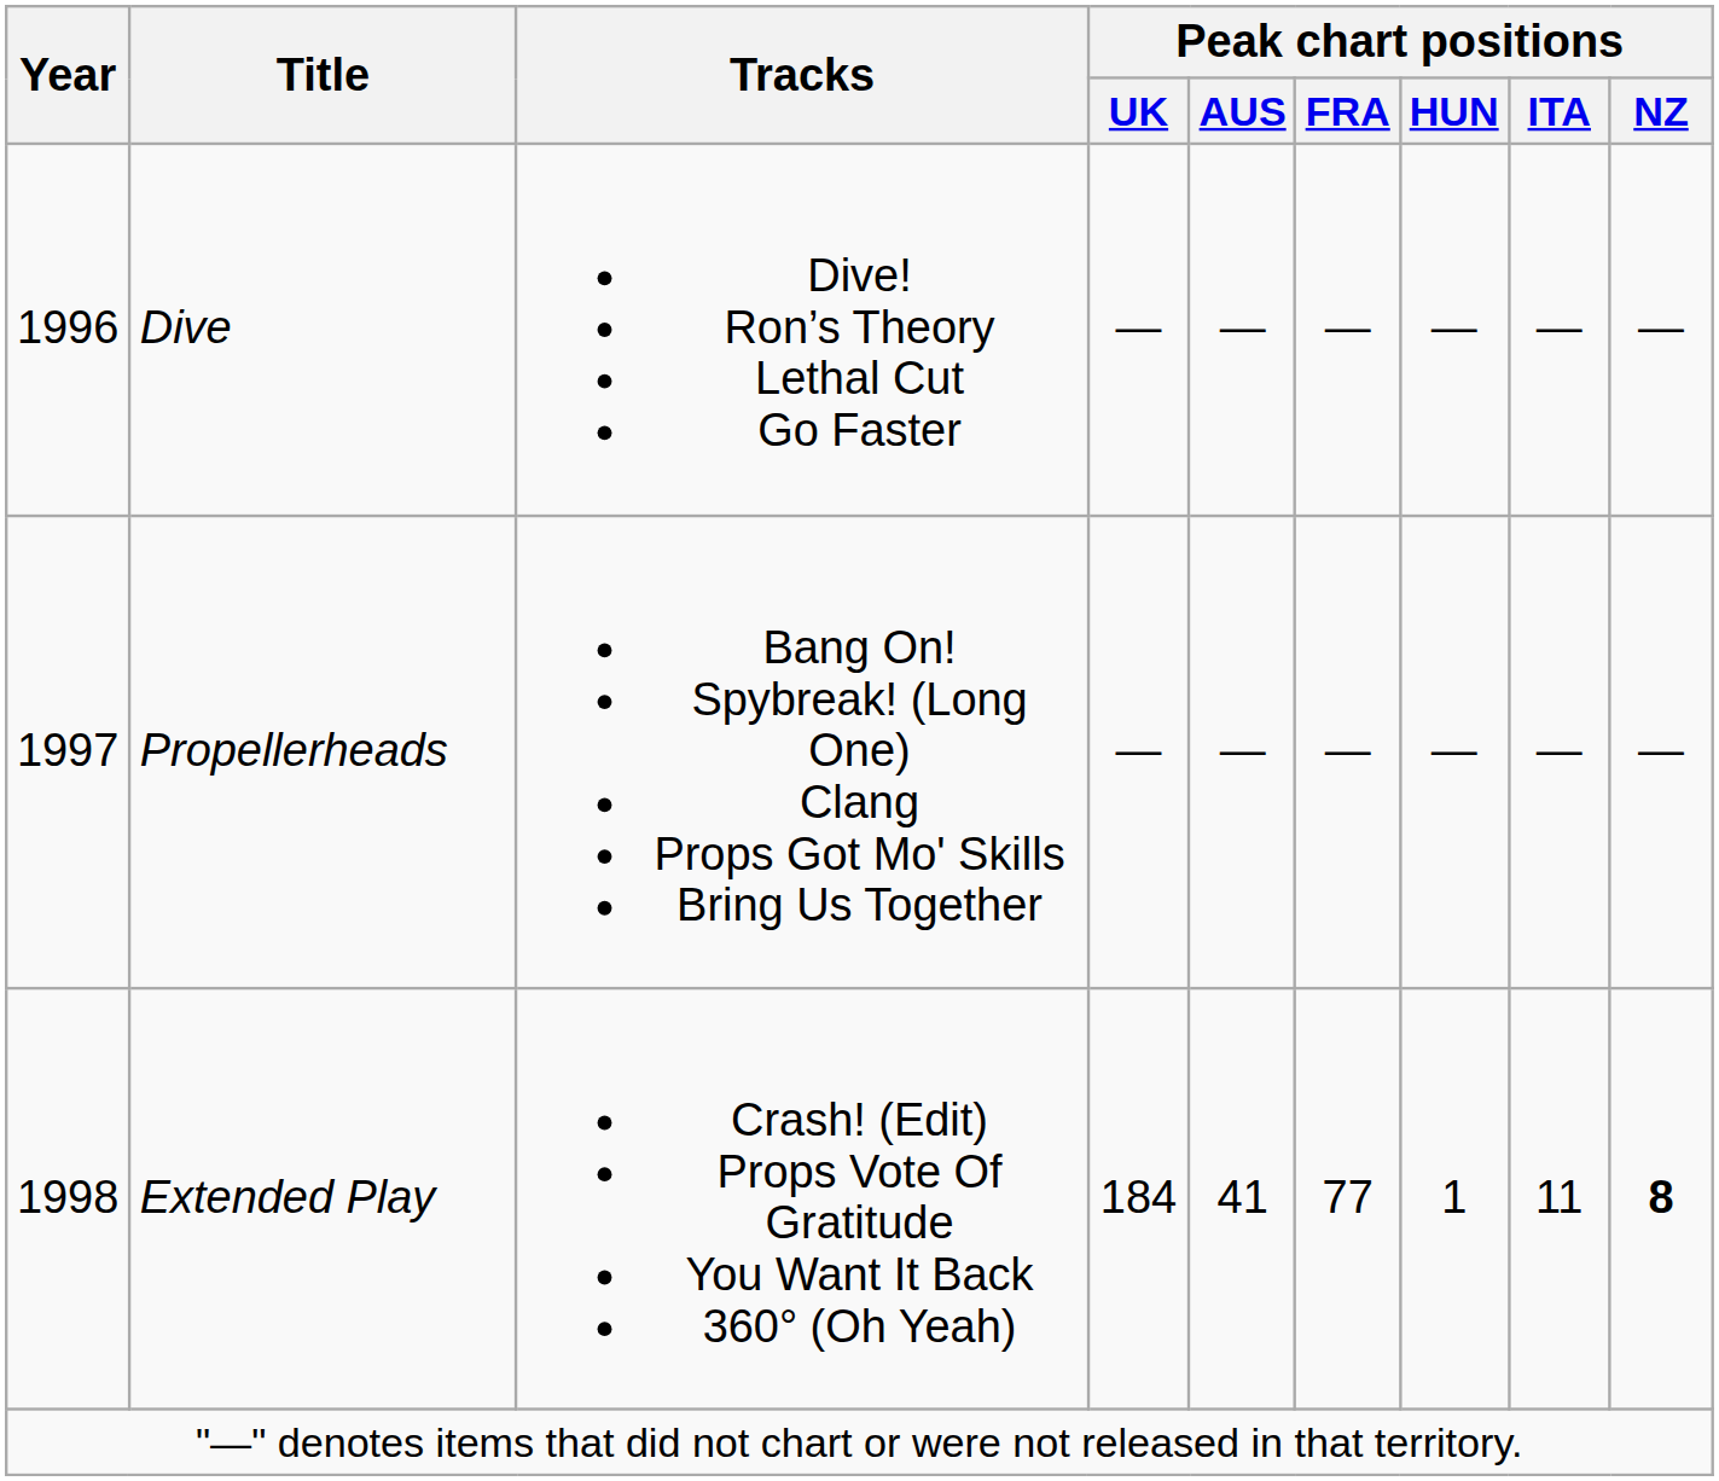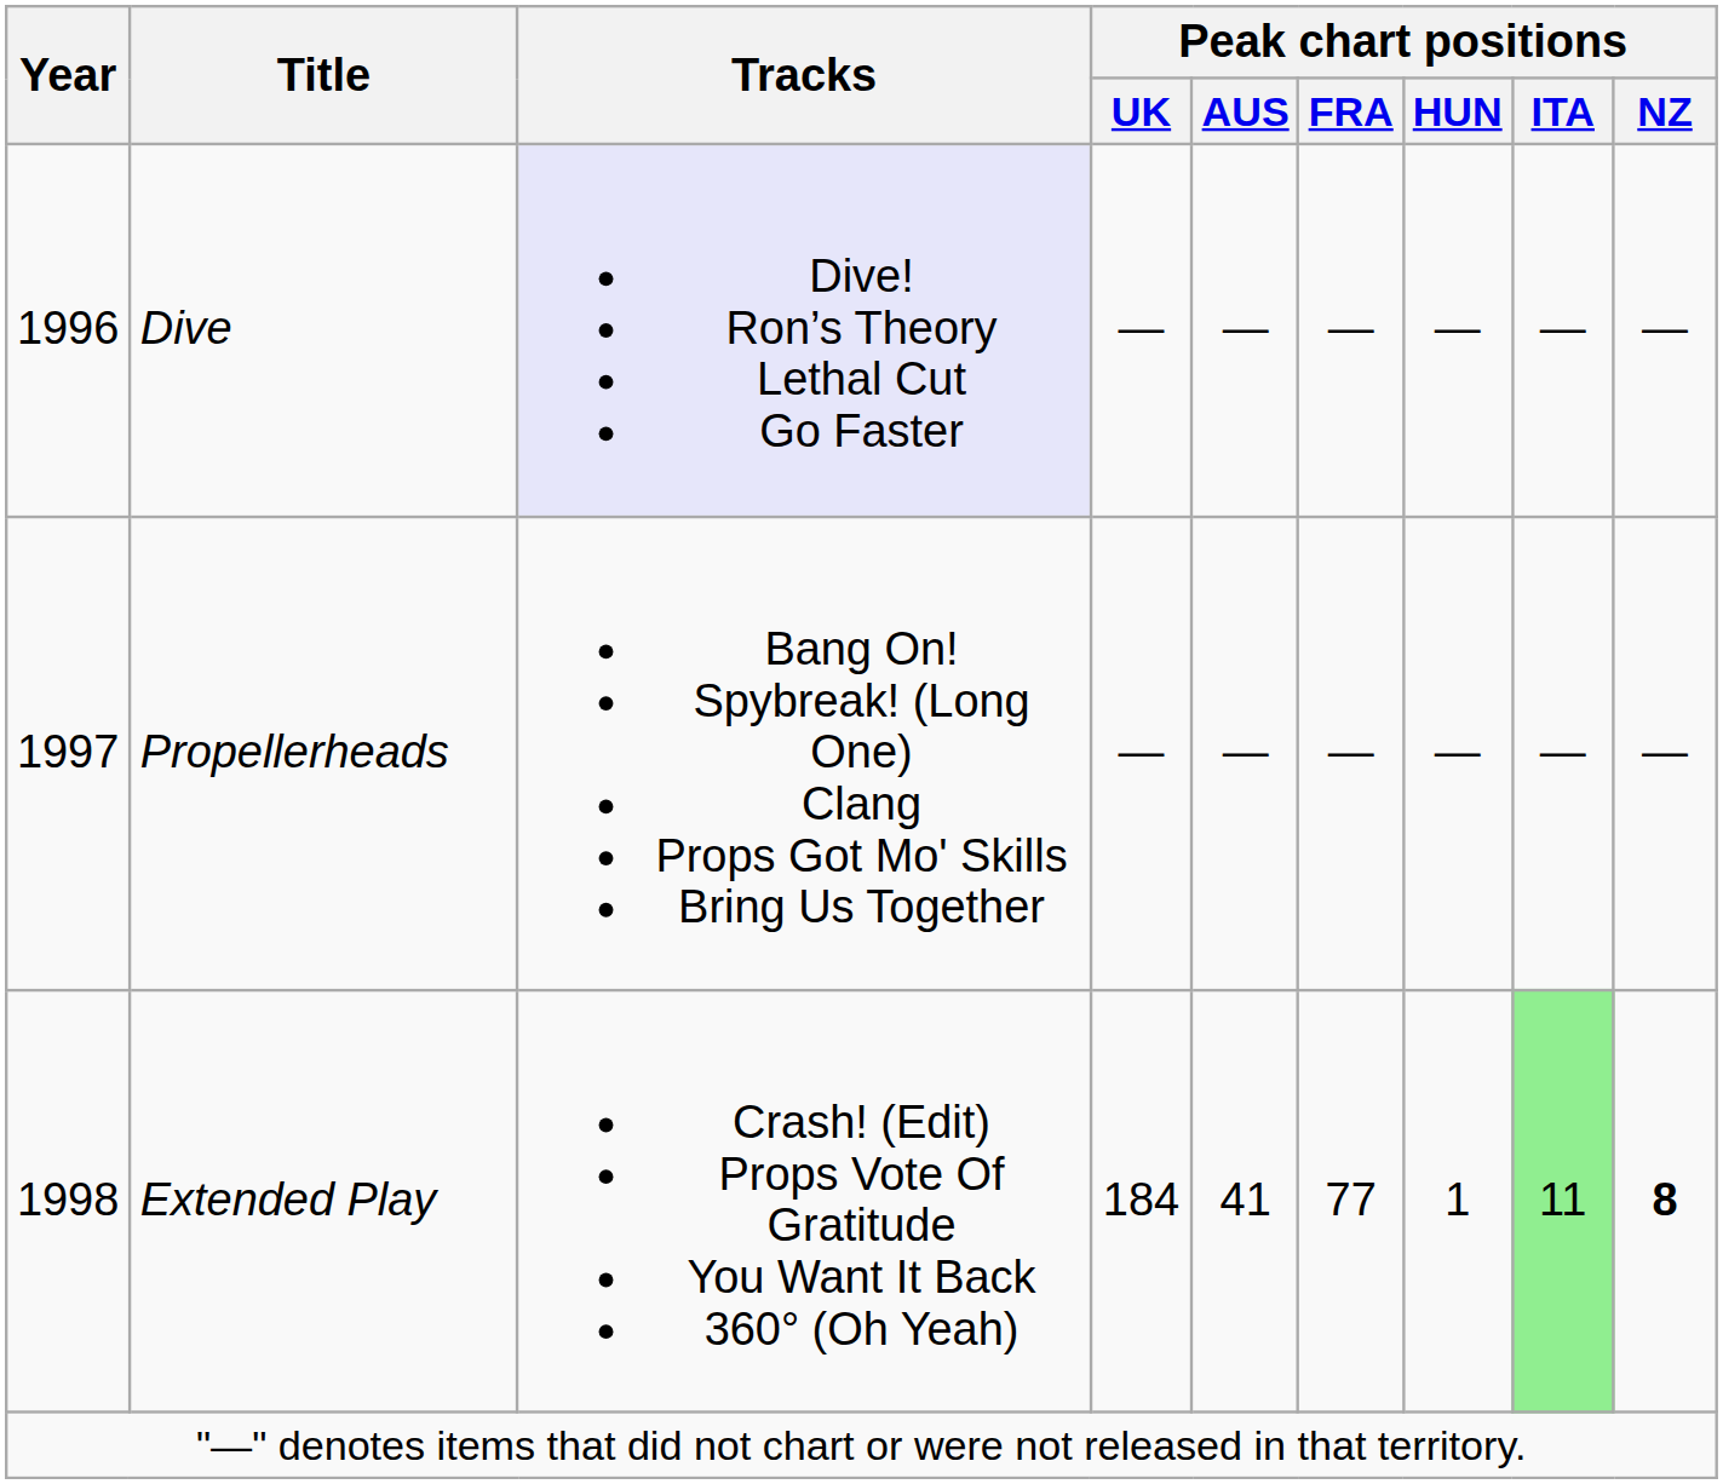 <table class="wikitable" style="text-align:center;">
 <tr>
 <th rowspan="2" style="width:2em;">Year</th>
 <th rowspan="2" style="width:8em;">Title</th>
 <th rowspan="2" style="width:12em;">Tracks</th>
 <th colspan="6">Peak chart positions</th>
 </tr>
 <tr>
 <th style="width:2em;font-size:90%;"><a href='#'>UK</a><br></th>
 <th style="width:2em;font-size:90%;"><a href='#'>AUS</a><br></th>
 <th style="width:2em;font-size:90%;"><a href='#'>FRA</a><br></th>
 <th style="width:2em;font-size:90%;"><a href='#'>HUN</a><br></th>
 <th style="width:2em;font-size:90%;"><a href='#'>ITA</a><br></th>
 <th style="width:2em;font-size:90%;"><a href='#'>NZ</a><br></th>
 </tr>
 <tr>
 <td>1996</td>
 <td style="text-align:left;"><em>Dive</em></td>
-<td><br><ul><li>Dive!</li><li>Ron’s Theory</li><li>Lethal Cut</li><li>Go Faster</li></ul></td>
+<td style="background: lavender;"><br><ul><li>Dive!</li><li>Ron’s Theory</li><li>Lethal Cut</li><li>Go Faster</li></ul></td>
 <td>—</td>
 <td>—</td>
 <td>—</td>
 <td>—</td>
 <td>—</td>
 <td>—</td>
 </tr>
 <tr>
 <td>1997</td>
 <td style="text-align:left;"><em>Propellerheads</em></td>
 <td><br><ul><li>Bang On!</li><li>Spybreak! (Long One)</li><li>Clang</li><li>Props Got Mo' Skills</li><li>Bring Us Together</li></ul></td>
 <td>—</td>
 <td>—</td>
 <td>—</td>
 <td>—</td>
 <td>—</td>
 <td>—</td>
 </tr>
 <tr>
 <td>1998</td>
 <td style="text-align:left;"><em>Extended Play</em></td>
 <td><br><ul><li>Crash! (Edit)</li><li>Props Vote Of Gratitude</li><li>You Want It Back</li><li>360° (Oh Yeah)</li></ul></td>
 <td>184</td>
 <td>41</td>
 <td>77</td>
 <td>1</td>
-<td>11</td>
+<td style="background: lightgreen;">11</td>
 <td><strong>8</strong></td>
 </tr>
 <tr>
 <td colspan="15" style="font-size:90%">"—" denotes items that did not chart or were not released in that territory.</td>
 </tr>
 </table>
